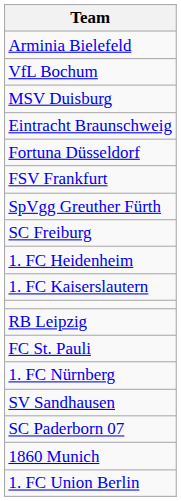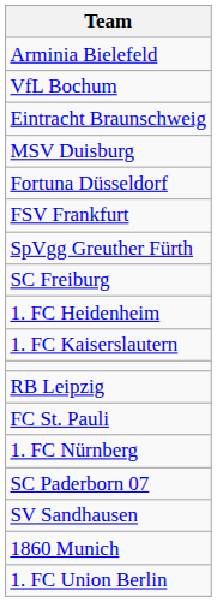 <table class="wikitable sortable">
 <tr>
 <th>Team</th>
 </tr>
 <tr>
 <td><a href='#'>Arminia Bielefeld</a></td>
 </tr>
 <tr>
 <td><a href='#'>VfL Bochum</a></td>
 </tr>
 <tr>
-<td><a href='#'>MSV Duisburg</a></td>
+<td><a href='#'>Eintracht Braunschweig</a></td>
 </tr>
 <tr>
-<td><a href='#'>Eintracht Braunschweig</a></td>
+<td><a href='#'>MSV Duisburg</a></td>
 </tr>
 <tr>
 <td><a href='#'>Fortuna Düsseldorf</a></td>
 </tr>
 <tr>
 <td><a href='#'>FSV Frankfurt</a></td>
 </tr>
 <tr>
 <td><a href='#'>SpVgg Greuther Fürth</a></td>
 </tr>
 <tr>
 <td><a href='#'>SC Freiburg</a></td>
 </tr>
 <tr>
 <td><a href='#'>1. FC Heidenheim</a></td>
 </tr>
 <tr>
 <td><a href='#'>1. FC Kaiserslautern</a></td>
 </tr>
 <tr>
 <td></td>
 </tr>
 <tr>
 <td><a href='#'>RB Leipzig</a></td>
 </tr>
 <tr>
 <td><a href='#'>FC St. Pauli</a></td>
 </tr>
 <tr>
 <td><a href='#'>1. FC Nürnberg</a></td>
 </tr>
 <tr>
-<td><a href='#'>SV Sandhausen</a></td>
+<td><a href='#'>SC Paderborn 07</a></td>
 </tr>
 <tr>
-<td><a href='#'>SC Paderborn 07</a></td>
+<td><a href='#'>SV Sandhausen</a></td>
 </tr>
 <tr>
 <td><a href='#'>1860 Munich</a></td>
 </tr>
 <tr>
 <td><a href='#'>1. FC Union Berlin</a></td>
 </tr>
 </table>
